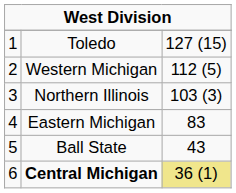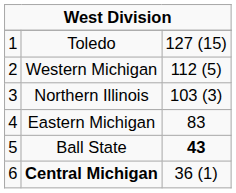 <table class="wikitable">
 <tr align="center">
 <td align="center" Colspan="3"><strong>West Division</strong></td>
 </tr>
 <tr align="center">
 </tr>
 <tr align="center">
 <td>1</td>
 <td>Toledo</td>
 <td>127 (15)</td>
 </tr>
 <tr align="center">
 <td>2</td>
 <td>Western Michigan</td>
 <td>112 (5)</td>
 </tr>
 <tr align="center">
 <td>3</td>
 <td>Northern Illinois</td>
 <td>103 (3)</td>
 </tr>
 <tr align="center">
 <td>4</td>
 <td>Eastern Michigan</td>
 <td>83</td>
 </tr>
 <tr align="center">
 <td>5</td>
 <td>Ball State</td>
-<td>43</td>
+<td><strong>43</strong></td>
 </tr>
 <tr align="center">
 <td>6</td>
 <td><strong>Central Michigan</strong></td>
-<td style="background: khaki;">36 (1)</td>
+<td>36 (1)</td>
 </tr>
 </table>
